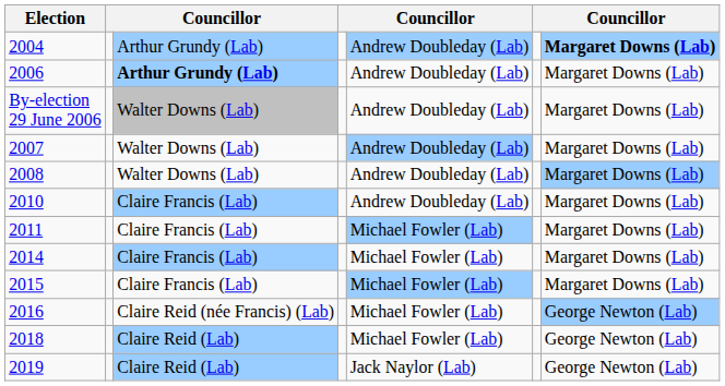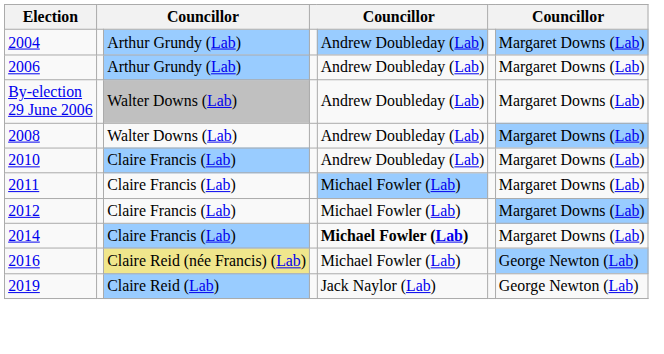 <table class="wikitable">
 <tr>
 <th>Election</th>
 <th colspan="2">Councillor</th>
 <th colspan="2">Councillor</th>
 <th colspan="2">Councillor</th>
 </tr>
 <tr>
 <td><a href='#'>2004</a></td>
 <td style="background-color: "></td>
 <td bgcolor="#99CCFF">Arthur Grundy (<a href='#'>Lab</a>)</td>
 <td style="background-color: "></td>
 <td bgcolor="#99CCFF">Andrew Doubleday (<a href='#'>Lab</a>)</td>
 <td style="background-color: "></td>
-<td bgcolor="#99CCFF"><strong>Margaret Downs (<a href='#'>Lab</a>)</strong></td>
+<td bgcolor="#99CCFF">Margaret Downs (<a href='#'>Lab</a>)</td>
 </tr>
 <tr>
 <td><a href='#'>2006</a></td>
 <td style="background-color: "></td>
-<td bgcolor="#99CCFF"><strong>Arthur Grundy (<a href='#'>Lab</a>)</strong></td>
+<td bgcolor="#99CCFF">Arthur Grundy (<a href='#'>Lab</a>)</td>
 <td style="background-color: "></td>
 <td>Andrew Doubleday (<a href='#'>Lab</a>)</td>
 <td style="background-color: "></td>
 <td>Margaret Downs (<a href='#'>Lab</a>)</td>
 </tr>
 <tr>
 <td><a href='#'>By-election<br>29 June 2006</a></td>
 <td style="background-color: "></td>
 <td bgcolor="#C0C0C0">Walter Downs (<a href='#'>Lab</a>)</td>
 <td style="background-color: "></td>
 <td>Andrew Doubleday (<a href='#'>Lab</a>)</td>
-<td style="background-color: "></td>
-<td>Margaret Downs (<a href='#'>Lab</a>)</td>
-</tr>
-<tr>
-<td><a href='#'>2007</a></td>
-<td style="background-color: "></td>
-<td>Walter Downs (<a href='#'>Lab</a>)</td>
-<td style="background-color: "></td>
-<td bgcolor="#99CCFF">Andrew Doubleday (<a href='#'>Lab</a>)</td>
 <td style="background-color: "></td>
 <td>Margaret Downs (<a href='#'>Lab</a>)</td>
 </tr>
 <tr>
 <td><a href='#'>2008</a></td>
 <td style="background-color: "></td>
 <td>Walter Downs (<a href='#'>Lab</a>)</td>
 <td style="background-color: "></td>
 <td>Andrew Doubleday (<a href='#'>Lab</a>)</td>
 <td style="background-color: "></td>
 <td bgcolor="#99CCFF">Margaret Downs (<a href='#'>Lab</a>)</td>
 </tr>
 <tr>
 <td><a href='#'>2010</a></td>
 <td style="background-color: "></td>
 <td bgcolor="#99CCFF">Claire Francis (<a href='#'>Lab</a>)</td>
 <td style="background-color: "></td>
 <td>Andrew Doubleday (<a href='#'>Lab</a>)</td>
 <td style="background-color: "></td>
 <td>Margaret Downs (<a href='#'>Lab</a>)</td>
 </tr>
 <tr>
 <td><a href='#'>2011</a></td>
 <td style="background-color: "></td>
 <td>Claire Francis (<a href='#'>Lab</a>)</td>
 <td style="background-color: "></td>
 <td bgcolor="#99CCFF">Michael Fowler (<a href='#'>Lab</a>)</td>
 <td style="background-color: "></td>
 <td>Margaret Downs (<a href='#'>Lab</a>)</td>
 </tr>
 <tr>
+<td><a href='#'>2012</a></td>
+<td style="background-color: "></td>
+<td>Claire Francis (<a href='#'>Lab</a>)</td>
+<td style="background-color: "></td>
+<td>Michael Fowler (<a href='#'>Lab</a>)</td>
+<td style="background-color: "></td>
+<td bgcolor="#99CCFF">Margaret Downs (<a href='#'>Lab</a>)</td>
+</tr>
+<tr>
 <td><a href='#'>2014</a></td>
 <td style="background-color: "></td>
 <td bgcolor="#99CCFF">Claire Francis (<a href='#'>Lab</a>)</td>
 <td style="background-color: "></td>
-<td>Michael Fowler (<a href='#'>Lab</a>)</td>
-<td style="background-color: "></td>
-<td>Margaret Downs (<a href='#'>Lab</a>)</td>
-</tr>
-<tr>
-<td><a href='#'>2015</a></td>
-<td style="background-color: "></td>
-<td>Claire Francis (<a href='#'>Lab</a>)</td>
-<td style="background-color: "></td>
-<td bgcolor="#99CCFF">Michael Fowler (<a href='#'>Lab</a>)</td>
+<td><strong>Michael Fowler (<a href='#'>Lab</a>)</strong></td>
 <td style="background-color: "></td>
 <td>Margaret Downs (<a href='#'>Lab</a>)</td>
 </tr>
 <tr>
 <td><a href='#'>2016</a></td>
 <td style="background-color: "></td>
-<td>Claire Reid (née Francis) (<a href='#'>Lab</a>)</td>
+<td style="background: khaki;">Claire Reid (née Francis) (<a href='#'>Lab</a>)</td>
 <td style="background-color: "></td>
 <td>Michael Fowler (<a href='#'>Lab</a>)</td>
 <td style="background-color: "></td>
 <td bgcolor="#99CCFF">George Newton (<a href='#'>Lab</a>)</td>
-</tr>
-<tr>
-<td><a href='#'>2018</a></td>
-<td style="background-color: "></td>
-<td bgcolor="#99CCFF">Claire Reid (<a href='#'>Lab</a>)</td>
-<td style="background-color: "></td>
-<td>Michael Fowler (<a href='#'>Lab</a>)</td>
-<td style="background-color: "></td>
-<td>George Newton (<a href='#'>Lab</a>)</td>
 </tr>
 <tr>
 <td><a href='#'>2019</a></td>
 <td style="background-color: "></td>
 <td bgcolor="#99CCFF">Claire Reid (<a href='#'>Lab</a>)</td>
 <td style="background-color: "></td>
 <td>Jack Naylor (<a href='#'>Lab</a>)</td>
 <td style="background-color: "></td>
 <td>George Newton (<a href='#'>Lab</a>)</td>
 </tr>
 </table>
